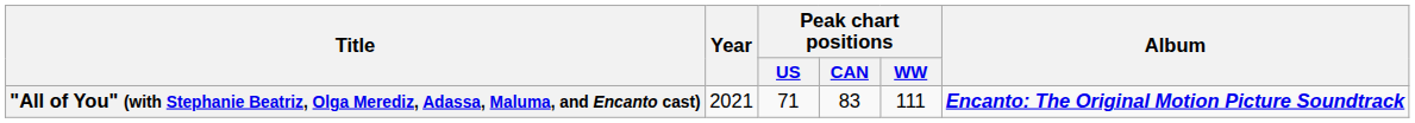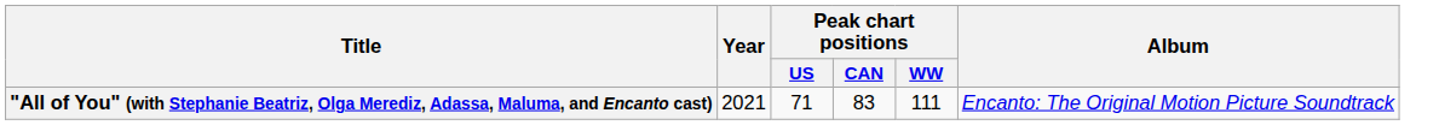 <table class="wikitable plainrowheaders" style="text-align:center;">
 <tr>
 <th scope="col" rowspan="2">Title</th>
 <th scope="col" rowspan="2">Year</th>
 <th scope="col" colspan="3">Peak chart positions</th>
 <th scope="col" rowspan="2">Album</th>
 </tr>
 <tr>
 <th scope="col" style="width:3em;font-size:90%;"><a href='#'>US</a></th>
 <th scope="col" style="width:3em;font-size:90%;"><a href='#'>CAN</a></th>
 <th scope="col" style="width:3em;font-size:90%;"><a href='#'>WW</a></th>
 </tr>
 <tr>
 <th scope="row">"All of You" <small>(with <a href='#'>Stephanie Beatriz</a>, <a href='#'>Olga Merediz</a>, <a href='#'>Adassa</a>, <a href='#'>Maluma</a>, and <em>Encanto</em> cast)</small></th>
 <td>2021</td>
 <td>71</td>
 <td>83</td>
 <td>111</td>
-<td><strong><em><a href='#'>Encanto: The Original Motion Picture Soundtrack</a></em></strong></td>
+<td><em><a href='#'>Encanto: The Original Motion Picture Soundtrack</a></em></td>
 </tr>
 </table>
